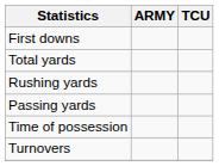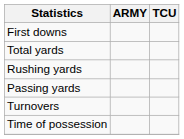 <table class="wikitable">
 <tr>
 <th>Statistics</th>
 <th>ARMY</th>
 <th>TCU</th>
 </tr>
 <tr>
 <td>First downs</td>
 <td></td>
 <td></td>
 </tr>
 <tr>
 <td>Total yards</td>
 <td></td>
 <td></td>
 </tr>
 <tr>
 <td>Rushing yards</td>
 <td></td>
 <td></td>
 </tr>
 <tr>
 <td>Passing yards</td>
 <td></td>
 <td></td>
 </tr>
 <tr>
-<td>Time of possession</td>
+<td>Turnovers</td>
 <td></td>
 <td></td>
 </tr>
 <tr>
-<td>Turnovers</td>
+<td>Time of possession</td>
 <td></td>
 <td></td>
 </tr>
 <tr>
 </tr>
 </table>
